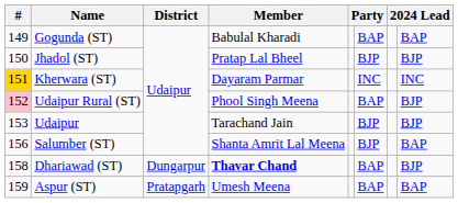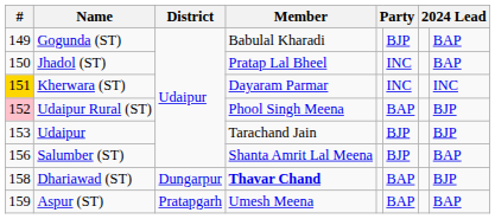 <table class="wikitable">
 <tr>
 <th>#</th>
 <th>Name</th>
 <th>District</th>
 <th>Member</th>
 <th colspan="2">Party</th>
 <th colspan="2">2024 Lead</th>
 </tr>
 <tr>
 <td>149</td>
 <td><a href='#'>Gogunda</a> (ST)</td>
 <td rowspan="6"><a href='#'>Udaipur</a></td>
 <td>Babulal Kharadi</td>
 <td style="background-color: "></td>
-<td><a href='#'>BAP</a></td>
+<td><a href='#'>BJP</a></td>
 <td style="background-color: "></td>
 <td><a href='#'>BAP</a></td>
 </tr>
 <tr>
 <td>150</td>
 <td><a href='#'>Jhadol</a> (ST)</td>
 <td><a href='#'>Pratap Lal Bheel</a></td>
 <td style="background-color: "></td>
-<td><a href='#'>BJP</a></td>
+<td><a href='#'>INC</a></td>
 <td style="background-color: "></td>
-<td><a href='#'>BJP</a></td>
+<td><a href='#'>BAP</a></td>
 </tr>
 <tr>
 <td style="background: gold;">151</td>
 <td><a href='#'>Kherwara</a> (ST)</td>
 <td><a href='#'>Dayaram Parmar</a></td>
 <td style="background-color: "></td>
 <td><a href='#'>INC</a></td>
 <td style="background-color: "></td>
 <td><a href='#'>INC</a></td>
 </tr>
 <tr>
 <td style="background: pink;">152</td>
 <td><a href='#'>Udaipur Rural</a> (ST)</td>
 <td><a href='#'>Phool Singh Meena</a></td>
 <td style="background-color: "></td>
 <td><a href='#'>BAP</a></td>
 <td style="background-color: "></td>
 <td><a href='#'>BJP</a></td>
 </tr>
 <tr>
 <td>153</td>
 <td><a href='#'>Udaipur</a></td>
 <td>Tarachand Jain</td>
 <td style="background-color: "></td>
 <td><a href='#'>BJP</a></td>
 <td style="background-color: "></td>
 <td><a href='#'>BJP</a></td>
 </tr>
 <tr>
 <td>156</td>
 <td><a href='#'>Salumber</a> (ST)</td>
 <td><a href='#'>Shanta Amrit Lal Meena</a></td>
 <td style="background-color: "></td>
 <td><a href='#'>BJP</a></td>
 <td style="background-color: "></td>
 <td><a href='#'>BAP</a></td>
 </tr>
 <tr>
 <td>158</td>
 <td><a href='#'>Dhariawad</a> (ST)</td>
 <td><a href='#'>Dungarpur</a></td>
 <td><strong><a href='#'>Thavar Chand</a></strong></td>
 <td style="background-color: "></td>
 <td><a href='#'>BAP</a></td>
 <td style="background-color: "></td>
 <td><a href='#'>BJP</a></td>
 </tr>
 <tr>
 <td>159</td>
 <td><a href='#'>Aspur</a> (ST)</td>
 <td><a href='#'>Pratapgarh</a></td>
 <td><a href='#'>Umesh Meena</a></td>
 <td style="background-color: "></td>
 <td><a href='#'>BAP</a></td>
 <td style="background-color: "></td>
 <td><a href='#'>BAP</a></td>
 </tr>
 </table>
